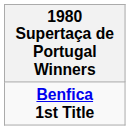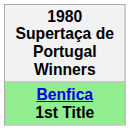 <table class="wikitable" style="text-align: center; margin: 0 auto; width: 20%">
 <tr>
 <th>1980 Supertaça de Portugal Winners</th>
 </tr>
 <tr>
-<td><strong><a href='#'>Benfica</a></strong><br><strong>1st Title</strong></td>
+<td style="background: lightgreen;"><strong><a href='#'>Benfica</a></strong><br><strong>1st Title</strong></td>
 </tr>
 </table>
